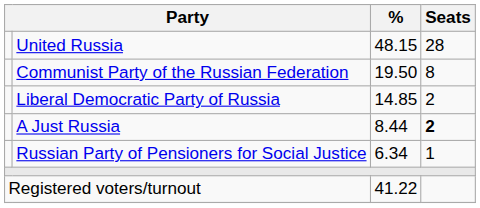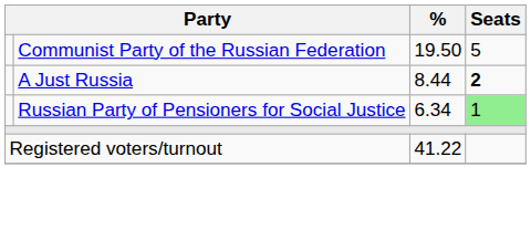 <table class="wikitable">
 <tr>
 <th colspan=2>Party</th>
 <th>%</th>
 <th>Seats</th>
 </tr>
 <tr>
 <td style="background:"></td>
-<td><a href='#'>United Russia</a></td>
-<td>48.15</td>
-<td>28</td>
-</tr>
-<tr>
-<td style="background:"></td>
 <td><a href='#'>Communist Party of the Russian Federation</a></td>
 <td>19.50</td>
-<td>8</td>
-</tr>
-<tr>
-<td style="background:"></td>
-<td><a href='#'>Liberal Democratic Party of Russia</a></td>
-<td>14.85</td>
-<td>2</td>
+<td>5</td>
 </tr>
 <tr>
 <td style="background:"></td>
 <td><a href='#'>A Just Russia</a></td>
 <td>8.44</td>
 <td><strong>2</strong></td>
 </tr>
 <tr>
 <td style="background:"></td>
 <td><a href='#'>Russian Party of Pensioners for Social Justice</a></td>
 <td>6.34</td>
-<td>1</td>
+<td style="background: lightgreen;">1</td>
 </tr>
 <tr>
 <td colspan=4 style="background:#E9E9E9;"></td>
 </tr>
 <tr>
 <td align=left colspan=2>Registered voters/turnout</td>
 <td>41.22</td>
 <td></td>
 </tr>
 <tr>
 </tr>
 </table>
